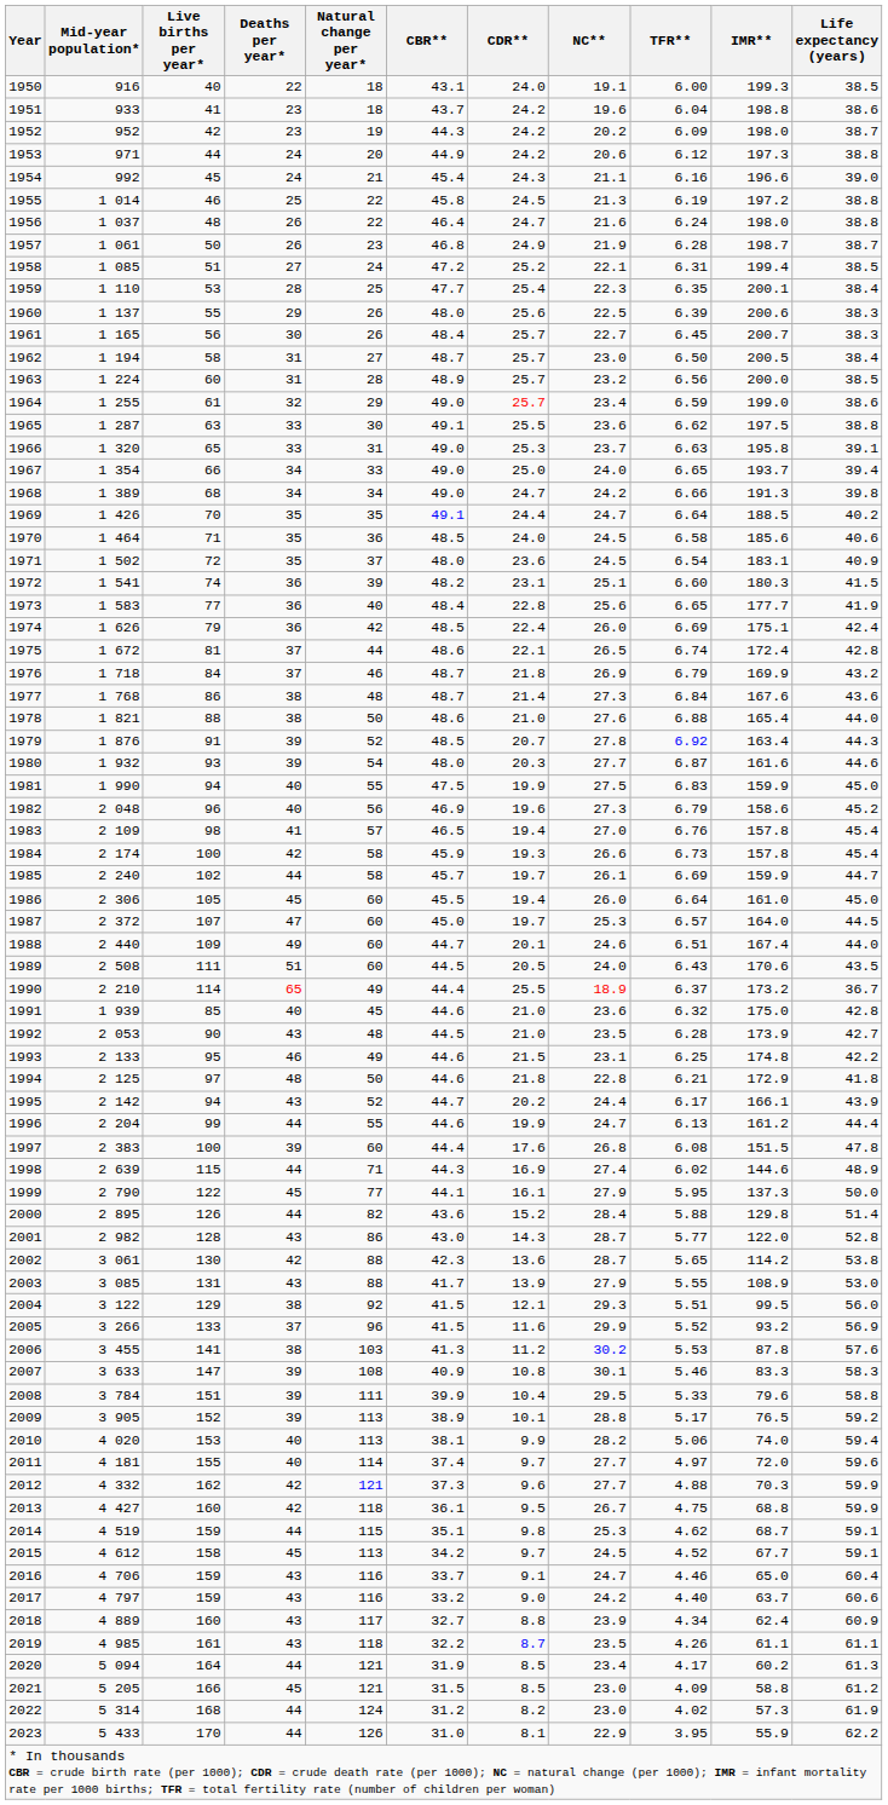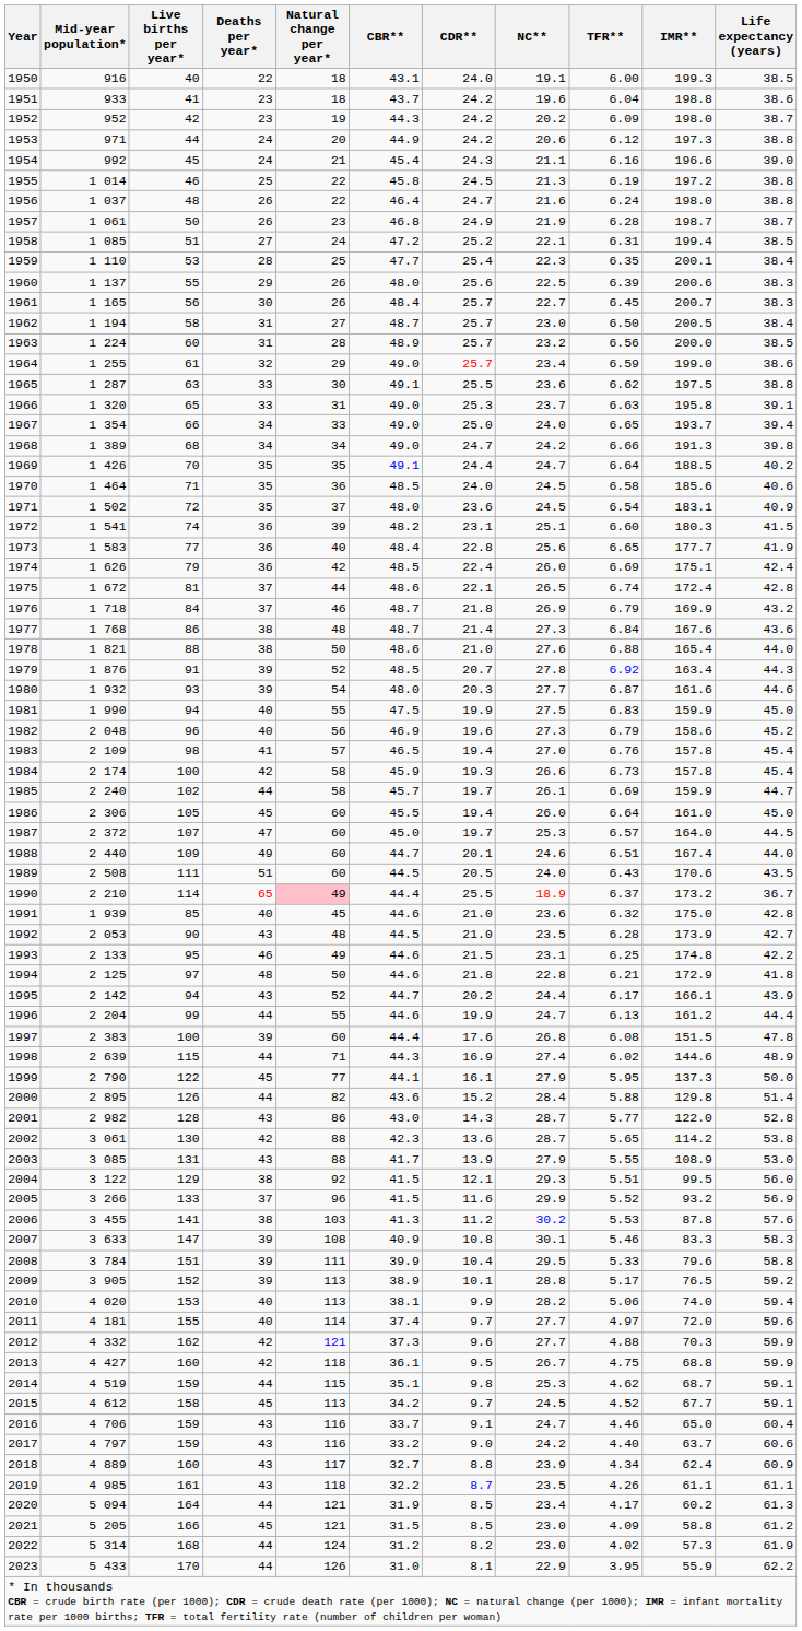 <table class="wikitable sortable" style="text-align:right">
 <tr>
 <th width="25pt">Year</th>
 <th width="70pt">Mid-year population*</th>
 <th width="70pt">Live births per year*</th>
 <th width="70pt">Deaths per year*</th>
 <th width="70pt">Natural change per year*</th>
 <th width="70pt">CBR**</th>
 <th width="70pt">CDR**</th>
 <th width="70pt">NC**</th>
 <th width="70pt">TFR**</th>
 <th width="70pt">IMR**</th>
 <th width="70pt">Life expectancy (years)</th>
 </tr>
 <tr>
 <td>1950</td>
 <td>   916</td>
 <td>   40</td>
 <td>   22</td>
 <td>   18</td>
 <td>43.1</td>
 <td>24.0</td>
 <td>19.1</td>
 <td>6.00</td>
 <td>199.3</td>
 <td>38.5</td>
 </tr>
 <tr>
 <td>1951</td>
 <td>  933</td>
 <td>  41</td>
 <td>  23</td>
 <td>  18</td>
 <td>43.7</td>
 <td>24.2</td>
 <td>19.6</td>
 <td>6.04</td>
 <td>198.8</td>
 <td>38.6</td>
 </tr>
 <tr>
 <td>1952</td>
 <td>  952</td>
 <td>  42</td>
 <td>  23</td>
 <td>  19</td>
 <td>44.3</td>
 <td>24.2</td>
 <td>20.2</td>
 <td>6.09</td>
 <td>198.0</td>
 <td>38.7</td>
 </tr>
 <tr>
 <td>1953</td>
 <td>  971</td>
 <td>  44</td>
 <td>  24</td>
 <td>  20</td>
 <td>44.9</td>
 <td>24.2</td>
 <td>20.6</td>
 <td>6.12</td>
 <td>197.3</td>
 <td>38.8</td>
 </tr>
 <tr>
 <td>1954</td>
 <td>  992</td>
 <td>  45</td>
 <td>  24</td>
 <td>  21</td>
 <td>45.4</td>
 <td>24.3</td>
 <td>21.1</td>
 <td>6.16</td>
 <td>196.6</td>
 <td>39.0</td>
 </tr>
 <tr>
 <td>1955</td>
 <td>  1 014</td>
 <td>  46</td>
 <td>  25</td>
 <td>  22</td>
 <td>45.8</td>
 <td>24.5</td>
 <td>21.3</td>
 <td>6.19</td>
 <td>197.2</td>
 <td>38.8</td>
 </tr>
 <tr>
 <td>1956</td>
 <td>  1 037</td>
 <td>  48</td>
 <td>  26</td>
 <td>  22</td>
 <td>46.4</td>
 <td>24.7</td>
 <td>21.6</td>
 <td>6.24</td>
 <td>198.0</td>
 <td>38.8</td>
 </tr>
 <tr>
 <td>1957</td>
 <td>  1 061</td>
 <td>  50</td>
 <td>  26</td>
 <td>  23</td>
 <td>46.8</td>
 <td>24.9</td>
 <td>21.9</td>
 <td>6.28</td>
 <td>198.7</td>
 <td>38.7</td>
 </tr>
 <tr>
 <td>1958</td>
 <td>  1 085</td>
 <td>  51</td>
 <td>  27</td>
 <td>  24</td>
 <td>47.2</td>
 <td>25.2</td>
 <td>22.1</td>
 <td>6.31</td>
 <td>199.4</td>
 <td>38.5</td>
 </tr>
 <tr>
 <td>1959</td>
 <td>  1 110</td>
 <td>  53</td>
 <td>  28</td>
 <td>  25</td>
 <td>47.7</td>
 <td>25.4</td>
 <td>22.3</td>
 <td>6.35</td>
 <td>200.1</td>
 <td>38.4</td>
 </tr>
 <tr>
 <td>1960</td>
 <td>  1 137</td>
 <td>  55</td>
 <td>  29</td>
 <td>  26</td>
 <td>48.0</td>
 <td>25.6</td>
 <td>22.5</td>
 <td>6.39</td>
 <td>200.6</td>
 <td>38.3</td>
 </tr>
 <tr>
 <td>1961</td>
 <td>  1 165</td>
 <td>  56</td>
 <td>  30</td>
 <td>  26</td>
 <td>48.4</td>
 <td>25.7</td>
 <td>22.7</td>
 <td>6.45</td>
 <td>200.7</td>
 <td>38.3</td>
 </tr>
 <tr>
 <td>1962</td>
 <td>  1 194</td>
 <td>  58</td>
 <td>  31</td>
 <td>  27</td>
 <td>48.7</td>
 <td>25.7</td>
 <td>23.0</td>
 <td>6.50</td>
 <td>200.5</td>
 <td>38.4</td>
 </tr>
 <tr>
 <td>1963</td>
 <td>  1 224</td>
 <td>  60</td>
 <td>  31</td>
 <td>  28</td>
 <td>48.9</td>
 <td>25.7</td>
 <td>23.2</td>
 <td>6.56</td>
 <td>200.0</td>
 <td>38.5</td>
 </tr>
 <tr>
 <td>1964</td>
 <td>  1 255</td>
 <td>  61</td>
 <td>  32</td>
 <td>  29</td>
 <td>49.0</td>
 <td style="color:red">25.7</td>
 <td>23.4</td>
 <td>6.59</td>
 <td>199.0</td>
 <td>38.6</td>
 </tr>
 <tr>
 <td>1965</td>
 <td>  1 287</td>
 <td>  63</td>
 <td>  33</td>
 <td>  30</td>
 <td>49.1</td>
 <td>25.5</td>
 <td>23.6</td>
 <td>6.62</td>
 <td>197.5</td>
 <td>38.8</td>
 </tr>
 <tr>
 <td>1966</td>
 <td>  1 320</td>
 <td>  65</td>
 <td>  33</td>
 <td>  31</td>
 <td>49.0</td>
 <td>25.3</td>
 <td>23.7</td>
 <td>6.63</td>
 <td>195.8</td>
 <td>39.1</td>
 </tr>
 <tr>
 <td>1967</td>
 <td>  1 354</td>
 <td>  66</td>
 <td>  34</td>
 <td>  33</td>
 <td>49.0</td>
 <td>25.0</td>
 <td>24.0</td>
 <td>6.65</td>
 <td>193.7</td>
 <td>39.4</td>
 </tr>
 <tr>
 <td>1968</td>
 <td>  1 389</td>
 <td>  68</td>
 <td>  34</td>
 <td>  34</td>
 <td>49.0</td>
 <td>24.7</td>
 <td>24.2</td>
 <td>6.66</td>
 <td>191.3</td>
 <td>39.8</td>
 </tr>
 <tr>
 <td>1969</td>
 <td>  1 426</td>
 <td>  70</td>
 <td>  35</td>
 <td>  35</td>
 <td style="color:blue">49.1</td>
 <td>24.4</td>
 <td>24.7</td>
 <td>6.64</td>
 <td>188.5</td>
 <td>40.2</td>
 </tr>
 <tr>
 <td>1970</td>
 <td>  1 464</td>
 <td>  71</td>
 <td>  35</td>
 <td>  36</td>
 <td>48.5</td>
 <td>24.0</td>
 <td>24.5</td>
 <td>6.58</td>
 <td>185.6</td>
 <td>40.6</td>
 </tr>
 <tr>
 <td>1971</td>
 <td>  1 502</td>
 <td>  72</td>
 <td>  35</td>
 <td>  37</td>
 <td>48.0</td>
 <td>23.6</td>
 <td>24.5</td>
 <td>6.54</td>
 <td>183.1</td>
 <td>40.9</td>
 </tr>
 <tr>
 <td>1972</td>
 <td>  1 541</td>
 <td>  74</td>
 <td>  36</td>
 <td>  39</td>
 <td>48.2</td>
 <td>23.1</td>
 <td>25.1</td>
 <td>6.60</td>
 <td>180.3</td>
 <td>41.5</td>
 </tr>
 <tr>
 <td>1973</td>
 <td>  1 583</td>
 <td>  77</td>
 <td>  36</td>
 <td>  40</td>
 <td>48.4</td>
 <td>22.8</td>
 <td>25.6</td>
 <td>6.65</td>
 <td>177.7</td>
 <td>41.9</td>
 </tr>
 <tr>
 <td>1974</td>
 <td>  1 626</td>
 <td>  79</td>
 <td>  36</td>
 <td>  42</td>
 <td>48.5</td>
 <td>22.4</td>
 <td>26.0</td>
 <td>6.69</td>
 <td>175.1</td>
 <td>42.4</td>
 </tr>
 <tr>
 <td>1975</td>
 <td>  1 672</td>
 <td>  81</td>
 <td>  37</td>
 <td>  44</td>
 <td>48.6</td>
 <td>22.1</td>
 <td>26.5</td>
 <td>6.74</td>
 <td>172.4</td>
 <td>42.8</td>
 </tr>
 <tr>
 <td>1976</td>
 <td>  1 718</td>
 <td>  84</td>
 <td>  37</td>
 <td>  46</td>
 <td>48.7</td>
 <td>21.8</td>
 <td>26.9</td>
 <td>6.79</td>
 <td>169.9</td>
 <td>43.2</td>
 </tr>
 <tr>
 <td>1977</td>
 <td>  1 768</td>
 <td>  86</td>
 <td>  38</td>
 <td>  48</td>
 <td>48.7</td>
 <td>21.4</td>
 <td>27.3</td>
 <td>6.84</td>
 <td>167.6</td>
 <td>43.6</td>
 </tr>
 <tr>
 <td>1978</td>
 <td>  1 821</td>
 <td>  88</td>
 <td>  38</td>
 <td>  50</td>
 <td>48.6</td>
 <td>21.0</td>
 <td>27.6</td>
 <td>6.88</td>
 <td>165.4</td>
 <td>44.0</td>
 </tr>
 <tr>
 <td>1979</td>
 <td>  1 876</td>
 <td>  91</td>
 <td>  39</td>
 <td>  52</td>
 <td>48.5</td>
 <td>20.7</td>
 <td>27.8</td>
 <td style="color:blue">6.92</td>
 <td>163.4</td>
 <td>44.3</td>
 </tr>
 <tr>
 <td>1980</td>
 <td>  1 932</td>
 <td>  93</td>
 <td>  39</td>
 <td>  54</td>
 <td>48.0</td>
 <td>20.3</td>
 <td>27.7</td>
 <td>6.87</td>
 <td>161.6</td>
 <td>44.6</td>
 </tr>
 <tr>
 <td>1981</td>
 <td>  1 990</td>
 <td>  94</td>
 <td>  40</td>
 <td>  55</td>
 <td>47.5</td>
 <td>19.9</td>
 <td>27.5</td>
 <td>6.83</td>
 <td>159.9</td>
 <td>45.0</td>
 </tr>
 <tr>
 <td>1982</td>
 <td>  2 048</td>
 <td>  96</td>
 <td>  40</td>
 <td>  56</td>
 <td>46.9</td>
 <td>19.6</td>
 <td>27.3</td>
 <td>6.79</td>
 <td>158.6</td>
 <td>45.2</td>
 </tr>
 <tr>
 <td>1983</td>
 <td>  2 109</td>
 <td>  98</td>
 <td>  41</td>
 <td>  57</td>
 <td>46.5</td>
 <td>19.4</td>
 <td>27.0</td>
 <td>6.76</td>
 <td>157.8</td>
 <td>45.4</td>
 </tr>
 <tr>
 <td>1984</td>
 <td>  2 174</td>
 <td>  100</td>
 <td>  42</td>
 <td>  58</td>
 <td>45.9</td>
 <td>19.3</td>
 <td>26.6</td>
 <td>6.73</td>
 <td>157.8</td>
 <td>45.4</td>
 </tr>
 <tr>
 <td>1985</td>
 <td>  2 240</td>
 <td>  102</td>
 <td>  44</td>
 <td>  58</td>
 <td>45.7</td>
 <td>19.7</td>
 <td>26.1</td>
 <td>6.69</td>
 <td>159.9</td>
 <td>44.7</td>
 </tr>
 <tr>
 <td>1986</td>
 <td>  2 306</td>
 <td>  105</td>
 <td>  45</td>
 <td>  60</td>
 <td>45.5</td>
 <td>19.4</td>
 <td>26.0</td>
 <td>6.64</td>
 <td>161.0</td>
 <td>45.0</td>
 </tr>
 <tr>
 <td>1987</td>
 <td>  2 372</td>
 <td>  107</td>
 <td>  47</td>
 <td>  60</td>
 <td>45.0</td>
 <td>19.7</td>
 <td>25.3</td>
 <td>6.57</td>
 <td>164.0</td>
 <td>44.5</td>
 </tr>
 <tr>
 <td>1988</td>
 <td>  2 440</td>
 <td>  109</td>
 <td>  49</td>
 <td>  60</td>
 <td>44.7</td>
 <td>20.1</td>
 <td>24.6</td>
 <td>6.51</td>
 <td>167.4</td>
 <td>44.0</td>
 </tr>
 <tr>
 <td>1989</td>
 <td>  2 508</td>
 <td>  111</td>
 <td>  51</td>
 <td>  60</td>
 <td>44.5</td>
 <td>20.5</td>
 <td>24.0</td>
 <td>6.43</td>
 <td>170.6</td>
 <td>43.5</td>
 </tr>
 <tr>
 <td>1990</td>
 <td>  2 210</td>
 <td>  114</td>
 <td style="color:red">65</td>
-<td>  49</td>
+<td style="background: pink;">  49</td>
 <td>44.4</td>
 <td>25.5</td>
 <td style="color:red">18.9</td>
 <td>6.37</td>
 <td>173.2</td>
 <td>36.7</td>
 </tr>
 <tr>
 <td>1991</td>
 <td>  1 939</td>
 <td>  85</td>
 <td>  40</td>
 <td>  45</td>
 <td>44.6</td>
 <td>21.0</td>
 <td>23.6</td>
 <td>6.32</td>
 <td>175.0</td>
 <td>42.8</td>
 </tr>
 <tr>
 <td>1992</td>
 <td>  2 053</td>
 <td>  90</td>
 <td>  43</td>
 <td>  48</td>
 <td>44.5</td>
 <td>21.0</td>
 <td>23.5</td>
 <td>6.28</td>
 <td>173.9</td>
 <td>42.7</td>
 </tr>
 <tr>
 <td>1993</td>
 <td>  2 133</td>
 <td>  95</td>
 <td>  46</td>
 <td>  49</td>
 <td>44.6</td>
 <td>21.5</td>
 <td>23.1</td>
 <td>6.25</td>
 <td>174.8</td>
 <td>42.2</td>
 </tr>
 <tr>
 <td>1994</td>
 <td>  2 125</td>
 <td>  97</td>
 <td>  48</td>
 <td>  50</td>
 <td>44.6</td>
 <td>21.8</td>
 <td>22.8</td>
 <td>6.21</td>
 <td>172.9</td>
 <td>41.8</td>
 </tr>
 <tr>
 <td>1995</td>
 <td>  2 142</td>
 <td>  94</td>
 <td>  43</td>
 <td>  52</td>
 <td>44.7</td>
 <td>20.2</td>
 <td>24.4</td>
 <td>6.17</td>
 <td>166.1</td>
 <td>43.9</td>
 </tr>
 <tr>
 <td>1996</td>
 <td>  2 204</td>
 <td>  99</td>
 <td>  44</td>
 <td>  55</td>
 <td>44.6</td>
 <td>19.9</td>
 <td>24.7</td>
 <td>6.13</td>
 <td>161.2</td>
 <td>44.4</td>
 </tr>
 <tr>
 <td>1997</td>
 <td>  2 383</td>
 <td>  100</td>
 <td>  39</td>
 <td>  60</td>
 <td>44.4</td>
 <td>17.6</td>
 <td>26.8</td>
 <td>6.08</td>
 <td>151.5</td>
 <td>47.8</td>
 </tr>
 <tr>
 <td>1998</td>
 <td>  2 639</td>
 <td>  115</td>
 <td>  44</td>
 <td>  71</td>
 <td>44.3</td>
 <td>16.9</td>
 <td>27.4</td>
 <td>6.02</td>
 <td>144.6</td>
 <td>48.9</td>
 </tr>
 <tr>
 <td>1999</td>
 <td>  2 790</td>
 <td>  122</td>
 <td>  45</td>
 <td>  77</td>
 <td>44.1</td>
 <td>16.1</td>
 <td>27.9</td>
 <td>5.95</td>
 <td>137.3</td>
 <td>50.0</td>
 </tr>
 <tr>
 <td>2000</td>
 <td>  2 895</td>
 <td>  126</td>
 <td>  44</td>
 <td>  82</td>
 <td>43.6</td>
 <td>15.2</td>
 <td>28.4</td>
 <td>5.88</td>
 <td>129.8</td>
 <td>51.4</td>
 </tr>
 <tr>
 <td>2001</td>
 <td>  2 982</td>
 <td>  128</td>
 <td>  43</td>
 <td>  86</td>
 <td>43.0</td>
 <td>14.3</td>
 <td>28.7</td>
 <td>5.77</td>
 <td>122.0</td>
 <td>52.8</td>
 </tr>
 <tr>
 <td>2002</td>
 <td>  3 061</td>
 <td>  130</td>
 <td>  42</td>
 <td>  88</td>
 <td>42.3</td>
 <td>13.6</td>
 <td>28.7</td>
 <td>5.65</td>
 <td>114.2</td>
 <td>53.8</td>
 </tr>
 <tr>
 <td>2003</td>
 <td>  3 085</td>
 <td>  131</td>
 <td>  43</td>
 <td>  88</td>
 <td>41.7</td>
 <td>13.9</td>
 <td>27.9</td>
 <td>5.55</td>
 <td>108.9</td>
 <td>53.0</td>
 </tr>
 <tr>
 <td>2004</td>
 <td>  3 122</td>
 <td>  129</td>
 <td>  38</td>
 <td>  92</td>
 <td>41.5</td>
 <td>12.1</td>
 <td>29.3</td>
 <td>5.51</td>
 <td>99.5</td>
 <td>56.0</td>
 </tr>
 <tr>
 <td>2005</td>
 <td>  3 266</td>
 <td>  133</td>
 <td>  37</td>
 <td>  96</td>
 <td>41.5</td>
 <td>11.6</td>
 <td>29.9</td>
 <td>5.52</td>
 <td>93.2</td>
 <td>56.9</td>
 </tr>
 <tr>
 <td>2006</td>
 <td>  3 455</td>
 <td>  141</td>
 <td>  38</td>
 <td>  103</td>
 <td>41.3</td>
 <td>11.2</td>
 <td style="color:blue">30.2</td>
 <td>5.53</td>
 <td>87.8</td>
 <td>57.6</td>
 </tr>
 <tr>
 <td>2007</td>
 <td>  3 633</td>
 <td>  147</td>
 <td>  39</td>
 <td>  108</td>
 <td>40.9</td>
 <td>10.8</td>
 <td>30.1</td>
 <td>5.46</td>
 <td>83.3</td>
 <td>58.3</td>
 </tr>
 <tr>
 <td>2008</td>
 <td>  3 784</td>
 <td>  151</td>
 <td>  39</td>
 <td>  111</td>
 <td>39.9</td>
 <td>10.4</td>
 <td>29.5</td>
 <td>5.33</td>
 <td>79.6</td>
 <td>58.8</td>
 </tr>
 <tr>
 <td>2009</td>
 <td>  3 905</td>
 <td>  152</td>
 <td>  39</td>
 <td>  113</td>
 <td>38.9</td>
 <td>10.1</td>
 <td>28.8</td>
 <td>5.17</td>
 <td>76.5</td>
 <td>59.2</td>
 </tr>
 <tr>
 <td>2010</td>
 <td>  4 020</td>
 <td>  153</td>
 <td>  40</td>
 <td>  113</td>
 <td>38.1</td>
 <td>9.9</td>
 <td>28.2</td>
 <td>5.06</td>
 <td>74.0</td>
 <td>59.4</td>
 </tr>
 <tr>
 <td>2011</td>
 <td>  4 181</td>
 <td>  155</td>
 <td>  40</td>
 <td>  114</td>
 <td>37.4</td>
 <td>9.7</td>
 <td>27.7</td>
 <td>4.97</td>
 <td>72.0</td>
 <td>59.6</td>
 </tr>
 <tr>
 <td>2012</td>
 <td>  4 332</td>
 <td>  162</td>
 <td>  42</td>
 <td style="color:blue">  121</td>
 <td>37.3</td>
 <td>9.6</td>
 <td>27.7</td>
 <td>4.88</td>
 <td>70.3</td>
 <td>59.9</td>
 </tr>
 <tr>
 <td>2013</td>
 <td>  4 427</td>
 <td>  160</td>
 <td>  42</td>
 <td>  118</td>
 <td>36.1</td>
 <td>9.5</td>
 <td>26.7</td>
 <td>4.75</td>
 <td>68.8</td>
 <td>59.9</td>
 </tr>
 <tr>
 <td>2014</td>
 <td>  4 519</td>
 <td>  159</td>
 <td>  44</td>
 <td>  115</td>
 <td>35.1</td>
 <td>9.8</td>
 <td>25.3</td>
 <td>4.62</td>
 <td>68.7</td>
 <td>59.1</td>
 </tr>
 <tr>
 <td>2015</td>
 <td>  4 612</td>
 <td>  158</td>
 <td>  45</td>
 <td>  113</td>
 <td>34.2</td>
 <td>9.7</td>
 <td>24.5</td>
 <td>4.52</td>
 <td>67.7</td>
 <td>59.1</td>
 </tr>
 <tr>
 <td>2016</td>
 <td>  4 706</td>
 <td>  159</td>
 <td>  43</td>
 <td>  116</td>
 <td>33.7</td>
 <td>9.1</td>
 <td>24.7</td>
 <td>4.46</td>
 <td>65.0</td>
 <td>60.4</td>
 </tr>
 <tr>
 <td>2017</td>
 <td>  4 797</td>
 <td>  159</td>
 <td>  43</td>
 <td>  116</td>
 <td>33.2</td>
 <td>9.0</td>
 <td>24.2</td>
 <td>4.40</td>
 <td>63.7</td>
 <td>60.6</td>
 </tr>
 <tr>
 <td>2018</td>
 <td>  4 889</td>
 <td>  160</td>
 <td>  43</td>
 <td>  117</td>
 <td>32.7</td>
 <td>8.8</td>
 <td>23.9</td>
 <td>4.34</td>
 <td>62.4</td>
 <td>60.9</td>
 </tr>
 <tr>
 <td>2019</td>
 <td>  4 985</td>
 <td>  161</td>
 <td>  43</td>
 <td>  118</td>
 <td>32.2</td>
 <td style="color:blue">8.7</td>
 <td>23.5</td>
 <td>4.26</td>
 <td>61.1</td>
 <td>61.1</td>
 </tr>
 <tr>
 <td>2020</td>
 <td>  5 094</td>
 <td>  164</td>
 <td>  44</td>
 <td>  121</td>
 <td>31.9</td>
 <td>8.5</td>
 <td>23.4</td>
 <td>4.17</td>
 <td>60.2</td>
 <td>61.3</td>
 </tr>
 <tr>
 <td>2021</td>
 <td>  5 205</td>
 <td>  166</td>
 <td>  45</td>
 <td>  121</td>
 <td>31.5</td>
 <td>8.5</td>
 <td>23.0</td>
 <td>4.09</td>
 <td>58.8</td>
 <td>61.2</td>
 </tr>
 <tr>
 <td>2022</td>
 <td>  5 314</td>
 <td>  168</td>
 <td>  44</td>
 <td>  124</td>
 <td>31.2</td>
 <td>8.2</td>
 <td>23.0</td>
 <td>4.02</td>
 <td>57.3</td>
 <td>61.9</td>
 </tr>
 <tr>
 <td>2023</td>
 <td>  5 433</td>
 <td>  170</td>
 <td>  44</td>
 <td>  126</td>
 <td>31.0</td>
 <td>8.1</td>
 <td>22.9</td>
 <td>3.95</td>
 <td>55.9</td>
 <td>62.2</td>
 </tr>
 <tr>
 <td colspan="11" align="left">* In thousands<br> <small> <strong>CBR</strong> = crude birth rate (per 1000); <strong>CDR</strong> = crude death rate (per 1000); <strong>NC</strong> = natural change (per 1000); <strong>IMR</strong> = infant mortality rate per 1000 births; <strong>TFR</strong> = total fertility rate (number of children per woman)</small></td>
 </tr>
 </table>
